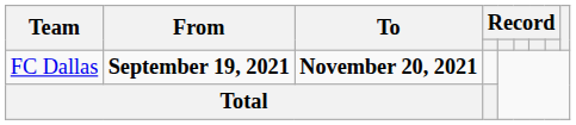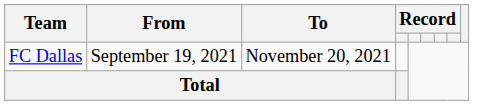 <table class=wikitable style=text-align:center>
 <tr>
 <th rowspan="2">Team</th>
 <th rowspan="2">From</th>
 <th rowspan="2">To</th>
 <th colspan="5">Record</th>
 <th rowspan="2"></th>
 </tr>
 <tr>
 <th></th>
 <th></th>
 <th></th>
 <th></th>
 <th></th>
 </tr>
 <tr>
 <td align=left><a href='#'>FC Dallas</a></td>
-<td align=left><strong>September 19, 2021</strong></td>
-<td align=left><strong>November 20, 2021<br></strong></td>
+<td align=left>September 19, 2021</td>
+<td align=left>November 20, 2021<br></td>
 <td></td>
 </tr>
 <tr>
 <th colspan="3">Total<br></th>
 <th></th>
 </tr>
 </table>
